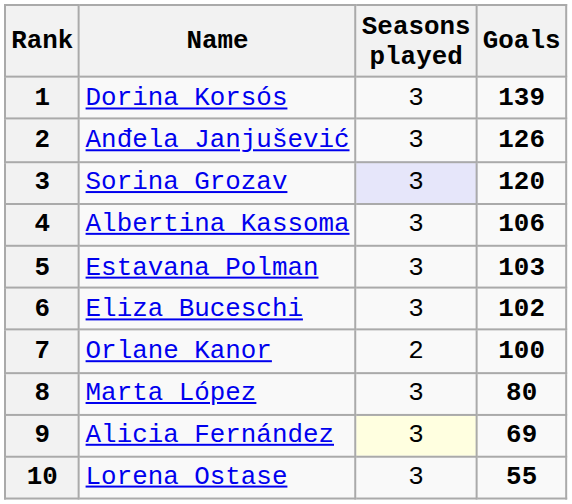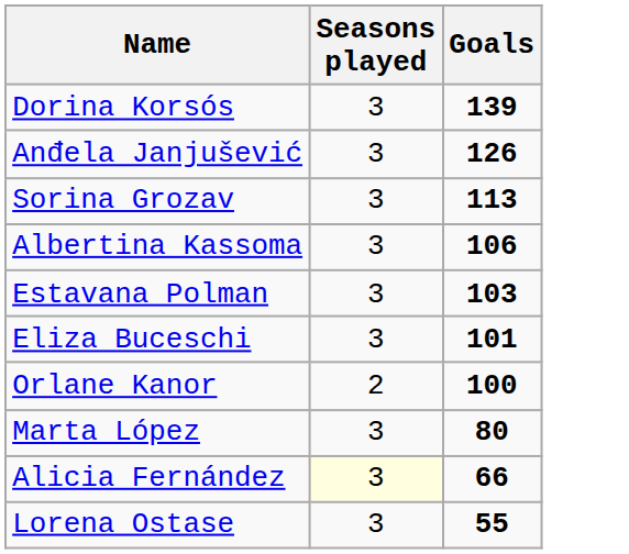 <table class="wikitable" style="text-align: center">
 <tr>
-<th>Rank</th>
 <th class="unsortable">Name</th>
 <th>Seasons<br>played</th>
 <th>Goals</th>
 </tr>
 <tr>
-<th rowspan="1">1</th>
 <td style="text-align: left;"> <a href='#'>Dorina Korsós</a></td>
 <td>3</td>
 <td><strong>139</strong></td>
 </tr>
 <tr>
-<th rowspan="1">2</th>
 <td style="text-align: left;"> <a href='#'>Anđela Janjušević</a></td>
 <td>3</td>
 <td><strong>126</strong></td>
 </tr>
 <tr>
-<th rowspan="1">3</th>
 <td style="text-align: left;"> <a href='#'>Sorina Grozav</a></td>
-<td style="background: lavender;">3</td>
-<td><strong>120</strong></td>
+<td>3</td>
+<td><strong>113</strong></td>
 </tr>
 <tr>
-<th rowspan="1">4</th>
 <td style="text-align: left;"> <a href='#'>Albertina Kassoma</a></td>
 <td>3</td>
 <td><strong>106</strong></td>
 </tr>
 <tr>
-<th rowspan="1">5</th>
 <td style="text-align: left;"> <a href='#'>Estavana Polman</a></td>
 <td>3</td>
 <td><strong>103</strong></td>
 </tr>
 <tr>
-<th rowspan="1">6</th>
 <td style="text-align: left;"> <a href='#'>Eliza Buceschi</a></td>
 <td>3</td>
-<td><strong>102</strong></td>
+<td><strong>101</strong></td>
 </tr>
 <tr>
-<th rowspan="1">7</th>
 <td style="text-align: left;"> <a href='#'>Orlane Kanor</a></td>
 <td>2</td>
 <td><strong>100</strong></td>
 </tr>
 <tr>
-<th rowspan="1">8</th>
 <td style="text-align: left;"> <a href='#'>Marta López</a></td>
 <td>3</td>
 <td><strong>80</strong></td>
 </tr>
 <tr>
-<th rowspan="1">9</th>
 <td style="text-align: left;"> <a href='#'>Alicia Fernández</a></td>
 <td style="background: lightyellow;">3</td>
-<td><strong>69</strong></td>
+<td><strong>66</strong></td>
 </tr>
 <tr>
-<th rowspan="1">10</th>
 <td style="text-align: left;"> <a href='#'>Lorena Ostase</a></td>
 <td>3</td>
 <td><strong>55</strong></td>
 </tr>
 </table>
